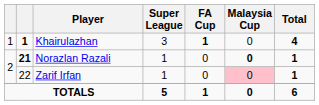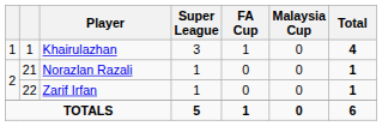 <table class="wikitable sortable" style="font-size: 95%; text-align: center;">
 <tr>
 <th width=10></th>
 <th width=10></th>
 <th width=150>Player</th>
 <th width=50>Super League</th>
 <th width=50>FA Cup</th>
 <th width=50>Malaysia Cup</th>
 <th width=50>Total</th>
 </tr>
 <tr>
 <td>1</td>
-<td><strong>1</strong></td>
+<td>1</td>
 <td align=left> <a href='#'>Khairulazhan</a></td>
 <td>3</td>
-<td><strong>1</strong></td>
+<td>1</td>
 <td>0</td>
 <td><strong>4</strong></td>
 </tr>
 <tr>
 <td rowspan="2">2</td>
-<td><strong>21</strong></td>
+<td>21</td>
 <td align=left> <a href='#'>Norazlan Razali</a></td>
 <td>1</td>
 <td>0</td>
-<td><strong>0</strong></td>
+<td>0</td>
 <td><strong>1</strong></td>
 </tr>
 <tr>
 <td>22</td>
 <td align=left> <a href='#'>Zarif Irfan</a></td>
 <td>1</td>
 <td>0</td>
-<td style="background: pink;">0</td>
+<td>0</td>
 <td><strong>1</strong></td>
 </tr>
 <tr>
 </tr>
 <tr class="sortbottom">
 <td colspan=3><strong>TOTALS</strong></td>
 <td><strong>5</strong></td>
 <td><strong>1</strong></td>
 <td><strong>0</strong></td>
 <td><strong>6</strong></td>
 </tr>
 </table>
